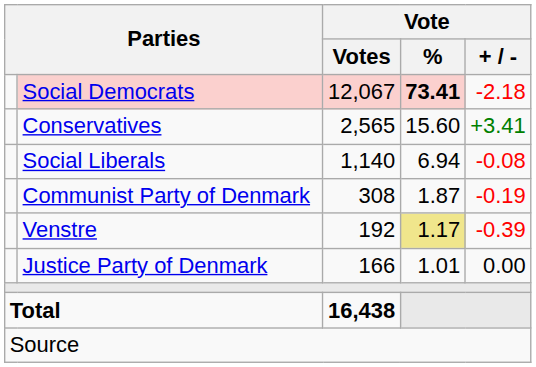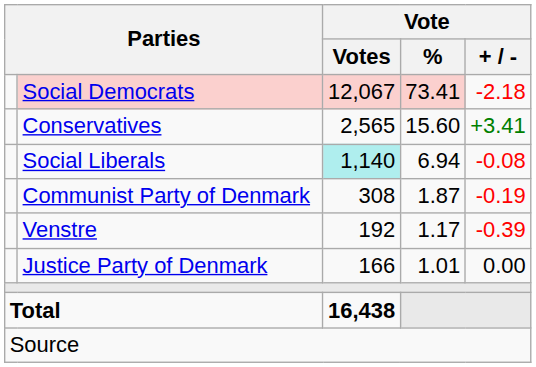 <table class="wikitable" style="text-align:right;">
 <tr>
 <th style="text-align:centre;" rowspan="2" colspan="2" width="225">Parties</th>
 <th colspan="3">Vote</th>
 </tr>
 <tr>
 <th width="15">Votes</th>
 <th width="15">%</th>
 <th width="15">+ / -</th>
 </tr>
 <tr>
 <td width="2" style="color:inherit;background:"></td>
 <td bgcolor=#fbd0ce  align="left"><a href='#'>Social Democrats</a></td>
 <td bgcolor=#fbd0ce>12,067</td>
-<td bgcolor=#fbd0ce><strong>73.41</strong></td>
+<td bgcolor=#fbd0ce>73.41</td>
 <td style=color:red;>-2.18</td>
 </tr>
 <tr>
 <td width="2" style="color:inherit;background:"></td>
 <td align="left"><a href='#'>Conservatives</a></td>
 <td>2,565</td>
 <td>15.60</td>
 <td style=color:green;>+3.41</td>
 </tr>
 <tr>
 <td width="2" style="color:inherit;background:"></td>
 <td align="left"><a href='#'>Social Liberals</a></td>
-<td>1,140</td>
+<td style="background: paleturquoise;">1,140</td>
 <td>6.94</td>
 <td style=color:red;>-0.08</td>
 </tr>
 <tr>
 <td width="2" style="color:inherit;background:"></td>
 <td align="left"><a href='#'>Communist Party of Denmark</a></td>
 <td>308</td>
 <td>1.87</td>
 <td style=color:red;>-0.19</td>
 </tr>
 <tr>
 <td width="2" style="color:inherit;background:"></td>
 <td align="left"><a href='#'>Venstre</a></td>
 <td>192</td>
-<td style="background: khaki;">1.17</td>
+<td>1.17</td>
 <td style=color:red;>-0.39</td>
 </tr>
 <tr>
 <td width="2" style="color:inherit;background:"></td>
 <td align="left"><a href='#'>Justice Party of Denmark</a></td>
 <td>166</td>
 <td>1.01</td>
 <td>0.00</td>
 </tr>
 <tr>
 <td colspan="7" bgcolor="#E9E9E9"></td>
 </tr>
 <tr>
 <td align="left" colspan="2"><strong>Total</strong></td>
 <td><strong>16,438</strong></td>
 <td bgcolor="#E9E9E9" colspan="2"></td>
 </tr>
 <tr>
 <td align="left" colspan="6">Source</td>
 </tr>
 </table>
